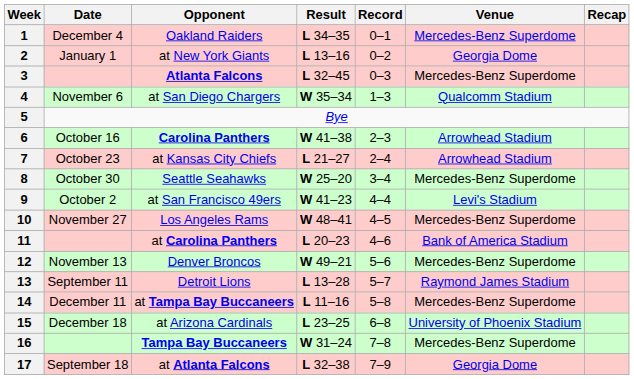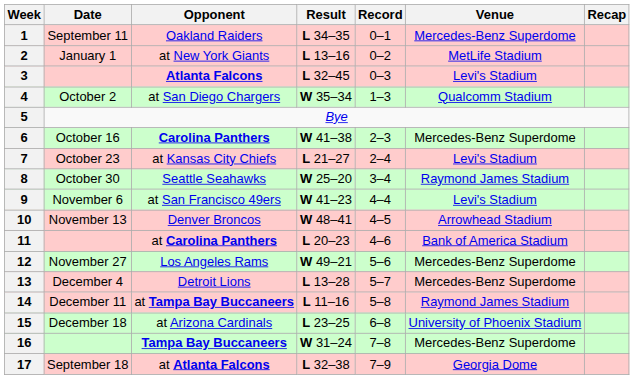 <table class="wikitable" style="text-align:center">
 <tr>
 <th>Week</th>
 <th>Date</th>
 <th>Opponent</th>
 <th>Result</th>
 <th>Record</th>
 <th>Venue</th>
 <th>Recap</th>
 </tr>
 <tr style="background:#fcc">
 <th>1</th>
-<td>December 4</td>
+<td>September 11</td>
 <td><a href='#'>Oakland Raiders</a></td>
 <td><strong>L</strong> 34–35</td>
 <td>0–1</td>
 <td><a href='#'>Mercedes-Benz Superdome</a></td>
 <td></td>
 </tr>
 <tr style="background:#fcc">
 <th>2</th>
 <td>January 1</td>
 <td>at <a href='#'>New York Giants</a></td>
 <td><strong>L</strong> 13–16</td>
 <td>0–2</td>
-<td><a href='#'>Georgia Dome</a></td>
+<td><a href='#'>MetLife Stadium</a></td>
 <td></td>
 </tr>
 <tr style="background:#fcc">
 <th>3</th>
 <td></td>
 <td><strong><a href='#'>Atlanta Falcons</a></strong></td>
 <td><strong>L</strong> 32–45</td>
 <td>0–3</td>
-<td>Mercedes-Benz Superdome</td>
+<td><a href='#'>Levi's Stadium</a></td>
 <td></td>
 </tr>
 <tr style="background:#cfc">
 <th>4</th>
-<td>November 6</td>
+<td>October 2</td>
 <td>at <a href='#'>San Diego Chargers</a></td>
 <td><strong>W</strong> 35–34</td>
 <td>1–3</td>
 <td><a href='#'>Qualcomm Stadium</a></td>
 <td></td>
 </tr>
 <tr>
 <th>5</th>
 <td colspan=6><em><a href='#'>Bye</a></em></td>
 </tr>
 <tr style="background:#cfc">
 <th>6</th>
 <td>October 16</td>
 <td><strong><a href='#'>Carolina Panthers</a></strong></td>
 <td><strong>W</strong> 41–38</td>
 <td>2–3</td>
-<td><a href='#'>Arrowhead Stadium</a></td>
+<td>Mercedes-Benz Superdome</td>
 <td></td>
 </tr>
 <tr style="background:#fcc">
 <th>7</th>
 <td>October 23</td>
 <td>at <a href='#'>Kansas City Chiefs</a></td>
 <td><strong>L</strong> 21–27</td>
 <td>2–4</td>
-<td><a href='#'>Arrowhead Stadium</a></td>
+<td><a href='#'>Levi's Stadium</a></td>
 <td></td>
 </tr>
 <tr style="background:#cfc">
 <th>8</th>
 <td>October 30</td>
 <td><a href='#'>Seattle Seahawks</a></td>
 <td><strong>W</strong> 25–20</td>
 <td>3–4</td>
-<td>Mercedes-Benz Superdome</td>
+<td><a href='#'>Raymond James Stadium</a></td>
 <td></td>
 </tr>
 <tr style="background:#cfc">
 <th>9</th>
-<td>October 2</td>
+<td>November 6</td>
 <td>at <a href='#'>San Francisco 49ers</a></td>
 <td><strong>W</strong> 41–23</td>
 <td>4–4</td>
 <td><a href='#'>Levi's Stadium</a></td>
 <td></td>
 </tr>
 <tr style="background:#fcc">
 <th>10</th>
-<td>November 27</td>
-<td><a href='#'>Los Angeles Rams</a></td>
+<td>November 13</td>
+<td><a href='#'>Denver Broncos</a></td>
 <td><strong>W</strong> 48–41</td>
 <td>4–5</td>
-<td>Mercedes-Benz Superdome</td>
+<td><a href='#'>Arrowhead Stadium</a></td>
 <td></td>
 </tr>
 <tr style="background:#fcc">
 <th>11</th>
 <td></td>
 <td>at <strong><a href='#'>Carolina Panthers</a></strong></td>
 <td><strong>L</strong> 20–23</td>
 <td>4–6</td>
 <td><a href='#'>Bank of America Stadium</a></td>
 <td></td>
 </tr>
 <tr style="background:#cfc">
 <th>12</th>
-<td>November 13</td>
-<td><a href='#'>Denver Broncos</a></td>
+<td>November 27</td>
+<td><a href='#'>Los Angeles Rams</a></td>
 <td><strong>W</strong> 49–21</td>
 <td>5–6</td>
 <td>Mercedes-Benz Superdome</td>
 <td></td>
 </tr>
 <tr style="background:#fcc">
 <th>13</th>
-<td>September 11</td>
+<td>December 4</td>
 <td><a href='#'>Detroit Lions</a></td>
 <td><strong>L</strong> 13–28</td>
 <td>5–7</td>
-<td><a href='#'>Raymond James Stadium</a></td>
+<td>Mercedes-Benz Superdome</td>
 <td></td>
 </tr>
 <tr style="background:#fcc">
 <th>14</th>
 <td>December 11</td>
 <td>at <strong><a href='#'>Tampa Bay Buccaneers</a></strong></td>
 <td><strong>L</strong> 11–16</td>
 <td>5–8</td>
-<td>Mercedes-Benz Superdome</td>
+<td><a href='#'>Raymond James Stadium</a></td>
 <td></td>
 </tr>
 <tr style="background:#cfc">
 <th>15</th>
 <td>December 18</td>
 <td>at <a href='#'>Arizona Cardinals</a></td>
 <td><strong>L</strong> 23–25</td>
 <td>6–8</td>
 <td><a href='#'>University of Phoenix Stadium</a></td>
 <td></td>
 </tr>
 <tr style="background:#cfc">
 <th>16</th>
 <td></td>
 <td><strong><a href='#'>Tampa Bay Buccaneers</a></strong></td>
 <td><strong>W</strong> 31–24</td>
 <td>7–8</td>
 <td>Mercedes-Benz Superdome</td>
 <td></td>
 </tr>
 <tr style="background:#fcc">
 <th>17</th>
 <td>September 18</td>
 <td>at <strong><a href='#'>Atlanta Falcons</a></strong></td>
 <td><strong>L</strong> 32–38</td>
 <td>7–9</td>
 <td><a href='#'>Georgia Dome</a></td>
 <td></td>
 </tr>
 </table>
